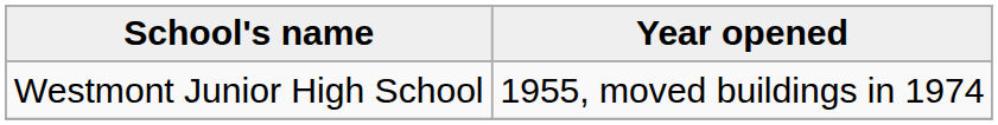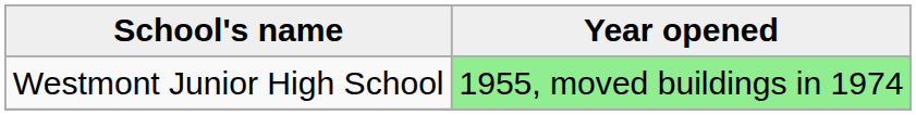 <table class="wikitable">
 <tr>
 <th style="background:#efefef;">School's name</th>
 <th style="background:#efefef;">Year opened</th>
 </tr>
 <tr>
 <td>Westmont Junior High School</td>
-<td>1955, moved buildings in 1974</td>
+<td style="background: lightgreen;">1955, moved buildings in 1974</td>
 </tr>
 <tr>
 </tr>
 </table>
